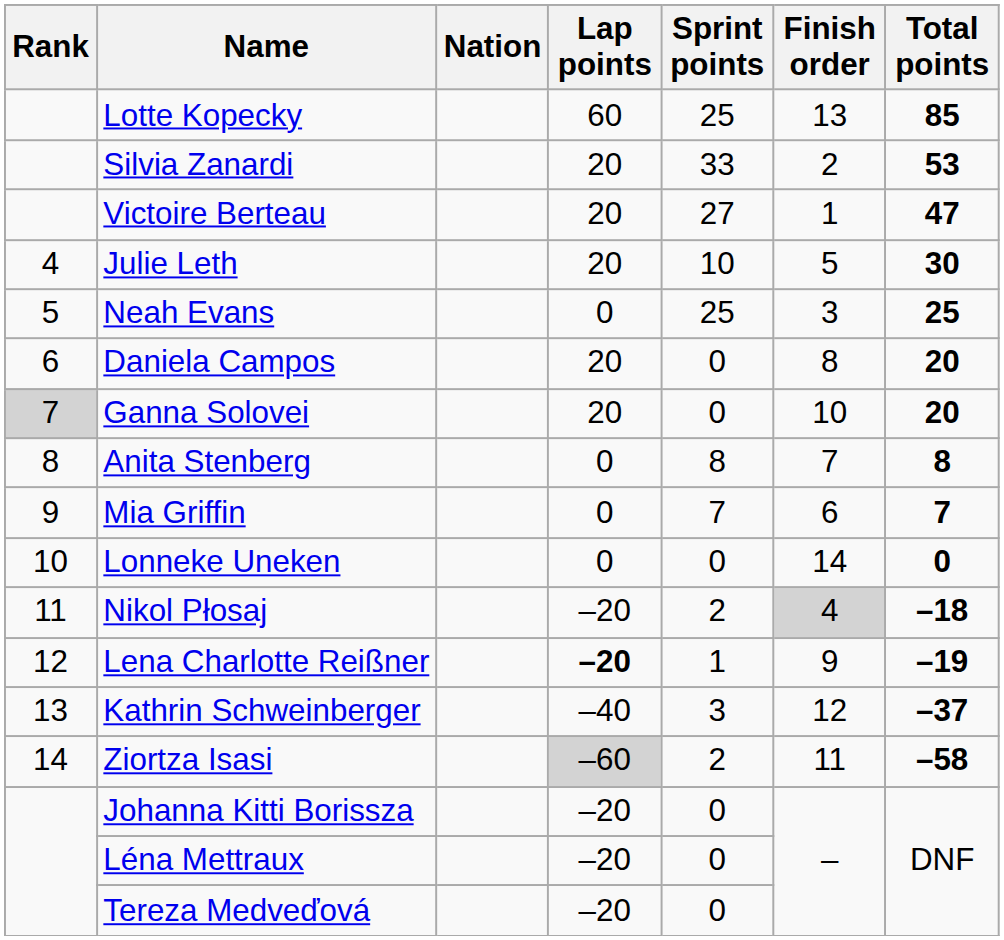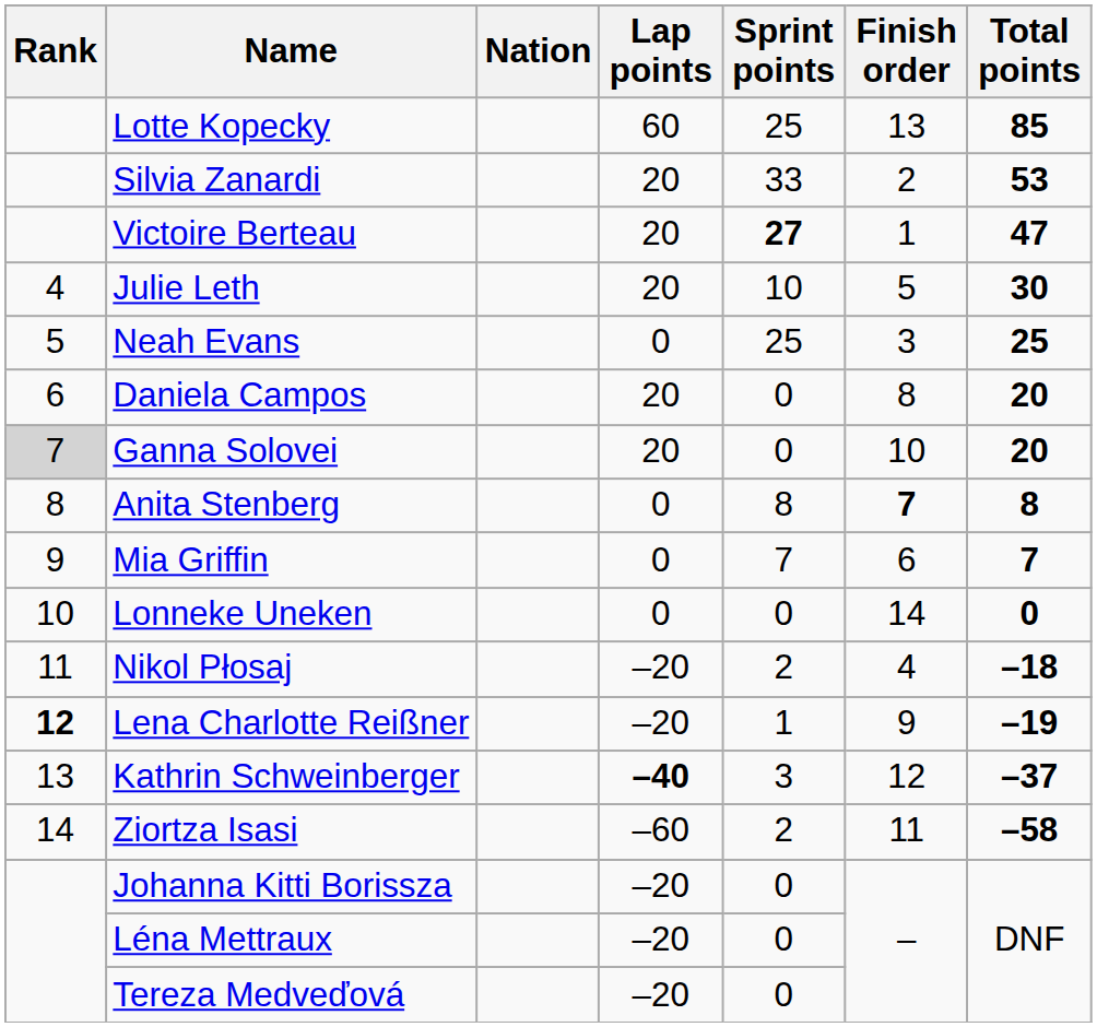 <table class="wikitable sortable" style="text-align:center">
 <tr>
 <th>Rank</th>
 <th>Name</th>
 <th>Nation</th>
 <th width=50>Lap points</th>
 <th width=50>Sprint points</th>
 <th width=50>Finish order</th>
 <th width=50>Total points</th>
 </tr>
 <tr>
 <td></td>
 <td align=left><a href='#'>Lotte Kopecky</a></td>
 <td align=left></td>
 <td>60</td>
 <td>25</td>
 <td>13</td>
 <td><strong>85</strong></td>
 </tr>
 <tr>
 <td></td>
 <td align=left><a href='#'>Silvia Zanardi</a></td>
 <td align=left></td>
 <td>20</td>
 <td>33</td>
 <td>2</td>
 <td><strong>53</strong></td>
 </tr>
 <tr>
 <td></td>
 <td align=left><a href='#'>Victoire Berteau</a></td>
 <td align=left></td>
 <td>20</td>
-<td>27</td>
+<td><strong>27</strong></td>
 <td>1</td>
 <td><strong>47</strong></td>
 </tr>
 <tr>
 <td>4</td>
 <td align=left><a href='#'>Julie Leth</a></td>
 <td align=left></td>
 <td>20</td>
 <td>10</td>
 <td>5</td>
 <td><strong>30</strong></td>
 </tr>
 <tr>
 <td>5</td>
 <td align=left><a href='#'>Neah Evans</a></td>
 <td align=left></td>
 <td>0</td>
 <td>25</td>
 <td>3</td>
 <td><strong>25</strong></td>
 </tr>
 <tr>
 <td>6</td>
 <td align=left><a href='#'>Daniela Campos</a></td>
 <td align=left></td>
 <td>20</td>
 <td>0</td>
 <td>8</td>
 <td><strong>20</strong></td>
 </tr>
 <tr>
 <td style="background: lightgrey;">7</td>
 <td align=left><a href='#'>Ganna Solovei</a></td>
 <td align=left></td>
 <td>20</td>
 <td>0</td>
 <td>10</td>
 <td><strong>20</strong></td>
 </tr>
 <tr>
 <td>8</td>
 <td align=left><a href='#'>Anita Stenberg</a></td>
 <td align=left></td>
 <td>0</td>
 <td>8</td>
-<td>7</td>
+<td><strong>7</strong></td>
 <td><strong>8</strong></td>
 </tr>
 <tr>
 <td>9</td>
 <td align=left><a href='#'>Mia Griffin</a></td>
 <td align=left></td>
 <td>0</td>
 <td>7</td>
 <td>6</td>
 <td><strong>7</strong></td>
 </tr>
 <tr>
 <td>10</td>
 <td align=left><a href='#'>Lonneke Uneken</a></td>
 <td align=left></td>
 <td>0</td>
 <td>0</td>
 <td>14</td>
 <td><strong>0</strong></td>
 </tr>
 <tr>
 <td>11</td>
 <td align=left><a href='#'>Nikol Płosaj</a></td>
 <td align=left></td>
 <td>–20</td>
 <td>2</td>
-<td style="background: lightgrey;">4</td>
+<td>4</td>
 <td><strong>–18</strong></td>
 </tr>
 <tr>
-<td>12</td>
+<td><strong>12</strong></td>
 <td align=left><a href='#'>Lena Charlotte Reißner</a></td>
 <td align=left></td>
-<td><strong>–20</strong></td>
+<td>–20</td>
 <td>1</td>
 <td>9</td>
 <td><strong>–19</strong></td>
 </tr>
 <tr>
 <td>13</td>
 <td align=left><a href='#'>Kathrin Schweinberger</a></td>
 <td align=left></td>
-<td>–40</td>
+<td><strong>–40</strong></td>
 <td>3</td>
 <td>12</td>
 <td><strong>–37</strong></td>
 </tr>
 <tr>
 <td>14</td>
 <td align=left><a href='#'>Ziortza Isasi</a></td>
 <td align=left></td>
-<td style="background: lightgrey;">–60</td>
+<td>–60</td>
 <td>2</td>
 <td>11</td>
 <td><strong>–58</strong></td>
 </tr>
 <tr>
 <td rowspan=3></td>
 <td align=left><a href='#'>Johanna Kitti Borissza</a></td>
 <td align=left></td>
 <td>–20</td>
 <td>0</td>
 <td rowspan=3>–</td>
 <td rowspan=3>DNF</td>
 </tr>
 <tr>
 <td align=left><a href='#'>Léna Mettraux</a></td>
 <td align=left></td>
 <td>–20</td>
 <td>0</td>
 </tr>
 <tr>
 <td align=left><a href='#'>Tereza Medveďová</a></td>
 <td align=left></td>
 <td>–20</td>
 <td>0</td>
 </tr>
 </table>
